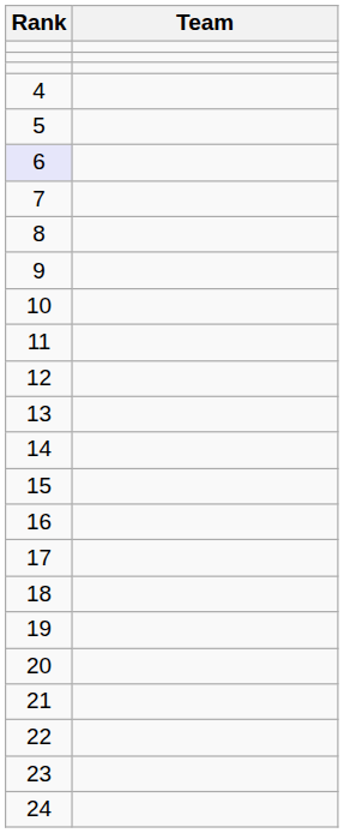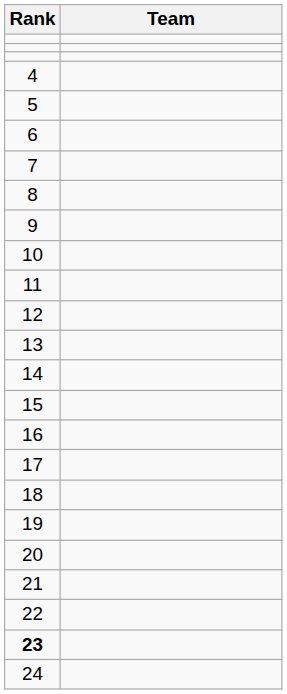 <table class="wikitable" style="text-align:center">
 <tr>
 <th width=40>Rank</th>
 <th width=180>Team</th>
 </tr>
 <tr>
 <td></td>
 <td style="text-align:left"></td>
 </tr>
 <tr>
 <td></td>
 <td style="text-align:left"></td>
 </tr>
 <tr>
 <td></td>
 <td style="text-align:left"></td>
 </tr>
 <tr>
 <td>4</td>
 <td style="text-align:left"></td>
 </tr>
 <tr>
 <td>5</td>
 <td style="text-align:left"></td>
 </tr>
 <tr>
-<td style="background: lavender;">6</td>
+<td>6</td>
 <td style="text-align:left"></td>
 </tr>
 <tr>
 <td>7</td>
 <td style="text-align:left"></td>
 </tr>
 <tr>
 <td>8</td>
 <td style="text-align:left"></td>
 </tr>
 <tr>
 <td>9</td>
 <td style="text-align:left"></td>
 </tr>
 <tr>
 <td>10</td>
 <td style="text-align:left"></td>
 </tr>
 <tr>
 <td>11</td>
 <td style="text-align:left"></td>
 </tr>
 <tr>
 <td>12</td>
 <td style="text-align:left"></td>
 </tr>
 <tr>
 <td>13</td>
 <td style="text-align:left"></td>
 </tr>
 <tr>
 <td>14</td>
 <td style="text-align:left"></td>
 </tr>
 <tr>
 <td>15</td>
 <td style="text-align:left"></td>
 </tr>
 <tr>
 <td>16</td>
 <td style="text-align:left"></td>
 </tr>
 <tr>
 <td>17</td>
 <td style="text-align:left"></td>
 </tr>
 <tr>
 <td>18</td>
 <td style="text-align:left"></td>
 </tr>
 <tr>
 <td>19</td>
 <td style="text-align:left"></td>
 </tr>
 <tr>
 <td>20</td>
 <td style="text-align:left"></td>
 </tr>
 <tr>
 <td>21</td>
 <td style="text-align:left"></td>
 </tr>
 <tr>
 <td>22</td>
 <td style="text-align:left"></td>
 </tr>
 <tr>
-<td>23</td>
+<td><strong>23</strong></td>
 <td style="text-align:left"></td>
 </tr>
 <tr>
 <td>24</td>
 <td style="text-align:left"></td>
 </tr>
 </table>
